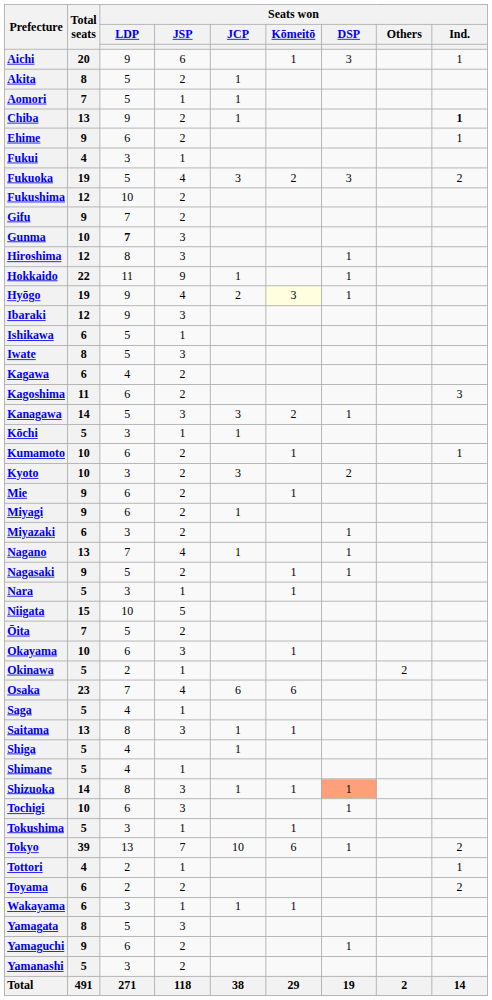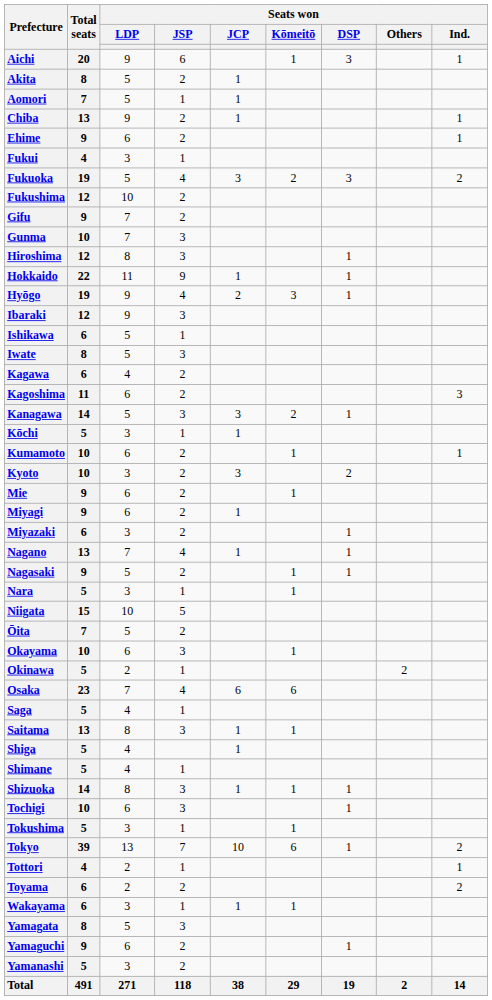 <table class="wikitable" style="text-align:center; font-size: 0.9em;">
 <tr>
 <th rowspan="3">Prefecture</th>
 <th rowspan="3">Total<br>seats</th>
 <th colspan="7">Seats won</th>
 </tr>
 <tr>
 <th class="unsortable" style="width:60px;"><a href='#'>LDP</a></th>
 <th class="unsortable" style="width:60px;"><a href='#'>JSP</a></th>
 <th class="unsortable" style="width:60px;"><a href='#'>JCP</a></th>
 <th class="unsortable" style="width:60px;"><a href='#'>Kōmeitō</a></th>
 <th class="unsortable" style="width:60px;"><a href='#'>DSP</a></th>
 <th class="unsortable" style="width:60px;">Others</th>
 <th class="unsortable" style="width:60px;">Ind.</th>
 </tr>
 <tr>
 <th style="background:"></th>
 <th style="background:"></th>
 <th style="background:"></th>
 <th style="background:"></th>
 <th style="background:"></th>
 <th></th>
 <th style="background:"></th>
 </tr>
 <tr>
 <th style="text-align: left;"><a href='#'>Aichi</a></th>
 <th>20</th>
 <td>9</td>
 <td>6</td>
 <td></td>
 <td>1</td>
 <td>3</td>
 <td></td>
 <td>1</td>
 </tr>
 <tr>
 <th style="text-align: left;"><a href='#'>Akita</a></th>
 <th>8</th>
 <td>5</td>
 <td>2</td>
 <td>1</td>
 <td></td>
 <td></td>
 <td></td>
 <td></td>
 </tr>
 <tr>
 <th style="text-align: left;"><a href='#'>Aomori</a></th>
 <th>7</th>
 <td>5</td>
 <td>1</td>
 <td>1</td>
 <td></td>
 <td></td>
 <td></td>
 <td></td>
 </tr>
 <tr>
 <th style="text-align: left;"><a href='#'>Chiba</a></th>
 <th>13</th>
 <td>9</td>
 <td>2</td>
 <td>1</td>
 <td></td>
 <td></td>
 <td></td>
-<td><strong>1</strong></td>
+<td>1</td>
 </tr>
 <tr>
 <th style="text-align: left;"><a href='#'>Ehime</a></th>
 <th>9</th>
 <td>6</td>
 <td>2</td>
 <td></td>
 <td></td>
 <td></td>
 <td></td>
 <td>1</td>
 </tr>
 <tr>
 <th style="text-align: left;"><a href='#'>Fukui</a></th>
 <th>4</th>
 <td>3</td>
 <td>1</td>
 <td></td>
 <td></td>
 <td></td>
 <td></td>
 <td></td>
 </tr>
 <tr>
 <th style="text-align: left;"><a href='#'>Fukuoka</a></th>
 <th>19</th>
 <td>5</td>
 <td>4</td>
 <td>3</td>
 <td>2</td>
 <td>3</td>
 <td></td>
 <td>2</td>
 </tr>
 <tr>
 <th style="text-align: left;"><a href='#'>Fukushima</a></th>
 <th>12</th>
 <td>10</td>
 <td>2</td>
 <td></td>
 <td></td>
 <td></td>
 <td></td>
 <td></td>
 </tr>
 <tr>
 <th style="text-align: left;"><a href='#'>Gifu</a></th>
 <th>9</th>
 <td>7</td>
 <td>2</td>
 <td></td>
 <td></td>
 <td></td>
 <td></td>
 <td></td>
 </tr>
 <tr>
 <th style="text-align: left;"><a href='#'>Gunma</a></th>
 <th>10</th>
-<td><strong>7</strong></td>
+<td>7</td>
 <td>3</td>
 <td></td>
 <td></td>
 <td></td>
 <td></td>
 <td></td>
 </tr>
 <tr>
 <th style="text-align: left;"><a href='#'>Hiroshima</a></th>
 <th>12</th>
 <td>8</td>
 <td>3</td>
 <td></td>
 <td></td>
 <td>1</td>
 <td></td>
 <td></td>
 </tr>
 <tr>
 <th style="text-align: left;"><a href='#'>Hokkaido</a></th>
 <th>22</th>
 <td>11</td>
 <td>9</td>
 <td>1</td>
 <td></td>
 <td>1</td>
 <td></td>
 <td></td>
 </tr>
 <tr>
 <th style="text-align: left;"><a href='#'>Hyōgo</a></th>
 <th>19</th>
 <td>9</td>
 <td>4</td>
 <td>2</td>
-<td style="background: lightyellow;">3</td>
+<td>3</td>
 <td>1</td>
 <td></td>
 <td></td>
 </tr>
 <tr>
 <th style="text-align: left;"><a href='#'>Ibaraki</a></th>
 <th>12</th>
 <td>9</td>
 <td>3</td>
 <td></td>
 <td></td>
 <td></td>
 <td></td>
 <td></td>
 </tr>
 <tr>
 <th style="text-align: left;"><a href='#'>Ishikawa</a></th>
 <th>6</th>
 <td>5</td>
 <td>1</td>
 <td></td>
 <td></td>
 <td></td>
 <td></td>
 <td></td>
 </tr>
 <tr>
 <th style="text-align: left;"><a href='#'>Iwate</a></th>
 <th>8</th>
 <td>5</td>
 <td>3</td>
 <td></td>
 <td></td>
 <td></td>
 <td></td>
 <td></td>
 </tr>
 <tr>
 <th style="text-align: left;"><a href='#'>Kagawa</a></th>
 <th>6</th>
 <td>4</td>
 <td>2</td>
 <td></td>
 <td></td>
 <td></td>
 <td></td>
 <td></td>
 </tr>
 <tr>
 <th style="text-align: left;"><a href='#'>Kagoshima</a></th>
 <th>11</th>
 <td>6</td>
 <td>2</td>
 <td></td>
 <td></td>
 <td></td>
 <td></td>
 <td>3</td>
 </tr>
 <tr>
 <th style="text-align: left;"><a href='#'>Kanagawa</a></th>
 <th>14</th>
 <td>5</td>
 <td>3</td>
 <td>3</td>
 <td>2</td>
 <td>1</td>
 <td></td>
 <td></td>
 </tr>
 <tr>
 <th style="text-align: left;"><a href='#'>Kōchi</a></th>
 <th>5</th>
 <td>3</td>
 <td>1</td>
 <td>1</td>
 <td></td>
 <td></td>
 <td></td>
 <td></td>
 </tr>
 <tr>
 <th style="text-align: left;"><a href='#'>Kumamoto</a></th>
 <th>10</th>
 <td>6</td>
 <td>2</td>
 <td></td>
 <td>1</td>
 <td></td>
 <td></td>
 <td>1</td>
 </tr>
 <tr>
 <th style="text-align: left;"><a href='#'>Kyoto</a></th>
 <th>10</th>
 <td>3</td>
 <td>2</td>
 <td>3</td>
 <td></td>
 <td>2</td>
 <td></td>
 <td></td>
 </tr>
 <tr>
 <th style="text-align: left;"><a href='#'>Mie</a></th>
 <th>9</th>
 <td>6</td>
 <td>2</td>
 <td></td>
 <td>1</td>
 <td></td>
 <td></td>
 <td></td>
 </tr>
 <tr>
 <th style="text-align: left;"><a href='#'>Miyagi</a></th>
 <th>9</th>
 <td>6</td>
 <td>2</td>
 <td>1</td>
 <td></td>
 <td></td>
 <td></td>
 <td></td>
 </tr>
 <tr>
 <th style="text-align: left;"><a href='#'>Miyazaki</a></th>
 <th>6</th>
 <td>3</td>
 <td>2</td>
 <td></td>
 <td></td>
 <td>1</td>
 <td></td>
 <td></td>
 </tr>
 <tr>
 <th style="text-align: left;"><a href='#'>Nagano</a></th>
 <th>13</th>
 <td>7</td>
 <td>4</td>
 <td>1</td>
 <td></td>
 <td>1</td>
 <td></td>
 <td></td>
 </tr>
 <tr>
 <th style="text-align: left;"><a href='#'>Nagasaki</a></th>
 <th>9</th>
 <td>5</td>
 <td>2</td>
 <td></td>
 <td>1</td>
 <td>1</td>
 <td></td>
 <td></td>
 </tr>
 <tr>
 <th style="text-align: left;"><a href='#'>Nara</a></th>
 <th>5</th>
 <td>3</td>
 <td>1</td>
 <td></td>
 <td>1</td>
 <td></td>
 <td></td>
 <td></td>
 </tr>
 <tr>
 <th style="text-align: left;"><a href='#'>Niigata</a></th>
 <th>15</th>
 <td>10</td>
 <td>5</td>
 <td></td>
 <td></td>
 <td></td>
 <td></td>
 <td></td>
 </tr>
 <tr>
 <th style="text-align: left;"><a href='#'>Ōita</a></th>
 <th>7</th>
 <td>5</td>
 <td>2</td>
 <td></td>
 <td></td>
 <td></td>
 <td></td>
 <td></td>
 </tr>
 <tr>
 <th style="text-align: left;"><a href='#'>Okayama</a></th>
 <th>10</th>
 <td>6</td>
 <td>3</td>
 <td></td>
 <td>1</td>
 <td></td>
 <td></td>
 <td></td>
 </tr>
 <tr>
 <th style="text-align: left;"><a href='#'>Okinawa</a></th>
 <th>5</th>
 <td>2</td>
 <td>1</td>
 <td></td>
 <td></td>
 <td></td>
 <td>2</td>
 <td></td>
 </tr>
 <tr>
 <th style="text-align: left;"><a href='#'>Osaka</a></th>
 <th>23</th>
 <td>7</td>
 <td>4</td>
 <td>6</td>
 <td>6</td>
 <td></td>
 <td></td>
 <td></td>
 </tr>
 <tr>
 <th style="text-align: left;"><a href='#'>Saga</a></th>
 <th>5</th>
 <td>4</td>
 <td>1</td>
 <td></td>
 <td></td>
 <td></td>
 <td></td>
 <td></td>
 </tr>
 <tr>
 <th style="text-align: left;"><a href='#'>Saitama</a></th>
 <th>13</th>
 <td>8</td>
 <td>3</td>
 <td>1</td>
 <td>1</td>
 <td></td>
 <td></td>
 <td></td>
 </tr>
 <tr>
 <th style="text-align: left;"><a href='#'>Shiga</a></th>
 <th>5</th>
 <td>4</td>
 <td></td>
 <td>1</td>
 <td></td>
 <td></td>
 <td></td>
 <td></td>
 </tr>
 <tr>
 <th style="text-align: left;"><a href='#'>Shimane</a></th>
 <th>5</th>
 <td>4</td>
 <td>1</td>
 <td></td>
 <td></td>
 <td></td>
 <td></td>
 <td></td>
 </tr>
 <tr>
 <th style="text-align: left;"><a href='#'>Shizuoka</a></th>
 <th>14</th>
 <td>8</td>
 <td>3</td>
 <td>1</td>
 <td>1</td>
-<td style="background: lightsalmon;">1</td>
+<td>1</td>
 <td></td>
 <td></td>
 </tr>
 <tr>
 <th style="text-align: left;"><a href='#'>Tochigi</a></th>
 <th>10</th>
 <td>6</td>
 <td>3</td>
 <td></td>
 <td></td>
 <td>1</td>
 <td></td>
 <td></td>
 </tr>
 <tr>
 <th style="text-align: left;"><a href='#'>Tokushima</a></th>
 <th>5</th>
 <td>3</td>
 <td>1</td>
 <td></td>
 <td>1</td>
 <td></td>
 <td></td>
 <td></td>
 </tr>
 <tr>
 <th style="text-align: left;"><a href='#'>Tokyo</a></th>
 <th>39</th>
 <td>13</td>
 <td>7</td>
 <td>10</td>
 <td>6</td>
 <td>1</td>
 <td></td>
 <td>2</td>
 </tr>
 <tr>
 <th style="text-align: left;"><a href='#'>Tottori</a></th>
 <th>4</th>
 <td>2</td>
 <td>1</td>
 <td></td>
 <td></td>
 <td></td>
 <td></td>
 <td>1</td>
 </tr>
 <tr>
 <th style="text-align: left;"><a href='#'>Toyama</a></th>
 <th>6</th>
 <td>2</td>
 <td>2</td>
 <td></td>
 <td></td>
 <td></td>
 <td></td>
 <td>2</td>
 </tr>
 <tr>
 <th style="text-align: left;"><a href='#'>Wakayama</a></th>
 <th>6</th>
 <td>3</td>
 <td>1</td>
 <td>1</td>
 <td>1</td>
 <td></td>
 <td></td>
 <td></td>
 </tr>
 <tr>
 <th style="text-align: left;"><a href='#'>Yamagata</a></th>
 <th>8</th>
 <td>5</td>
 <td>3</td>
 <td></td>
 <td></td>
 <td></td>
 <td></td>
 <td></td>
 </tr>
 <tr>
 <th style="text-align: left;"><a href='#'>Yamaguchi</a></th>
 <th>9</th>
 <td>6</td>
 <td>2</td>
 <td></td>
 <td></td>
 <td>1</td>
 <td></td>
 <td></td>
 </tr>
 <tr>
 <th style="text-align: left;"><a href='#'>Yamanashi</a></th>
 <th>5</th>
 <td>3</td>
 <td>2</td>
 <td></td>
 <td></td>
 <td></td>
 <td></td>
 <td></td>
 </tr>
 <tr class="sortbottom">
 <th style="text-align: left;">Total</th>
 <th>491</th>
 <th>271</th>
 <th>118</th>
 <th>38</th>
 <th>29</th>
 <th>19</th>
 <th>2</th>
 <th>14</th>
 </tr>
 </table>
